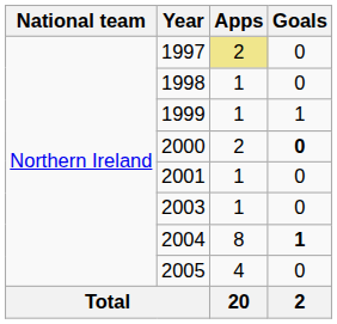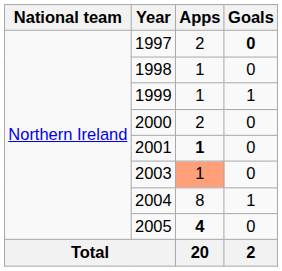 <table class=wikitable style="text-align: center">
 <tr>
 <th>National team</th>
 <th>Year</th>
 <th>Apps</th>
 <th>Goals</th>
 </tr>
 <tr>
 <td rowspan=8><a href='#'>Northern Ireland</a></td>
 <td>1997</td>
-<td style="background: khaki;">2</td>
-<td>0</td>
+<td>2</td>
+<td><strong>0</strong></td>
 </tr>
 <tr>
 <td>1998</td>
 <td>1</td>
 <td>0</td>
 </tr>
 <tr>
 <td>1999</td>
 <td>1</td>
 <td>1</td>
 </tr>
 <tr>
 <td>2000</td>
 <td>2</td>
-<td><strong>0</strong></td>
+<td>0</td>
 </tr>
 <tr>
 <td>2001</td>
-<td>1</td>
+<td><strong>1</strong></td>
 <td>0</td>
 </tr>
 <tr>
 <td>2003</td>
-<td>1</td>
+<td style="background: lightsalmon;">1</td>
 <td>0</td>
 </tr>
 <tr>
 <td>2004</td>
 <td>8</td>
-<td><strong>1</strong></td>
+<td>1</td>
 </tr>
 <tr>
 <td>2005</td>
-<td>4</td>
+<td><strong>4</strong></td>
 <td>0</td>
 </tr>
 <tr>
 <th colspan=2>Total</th>
 <th>20</th>
 <th>2</th>
 </tr>
 </table>
